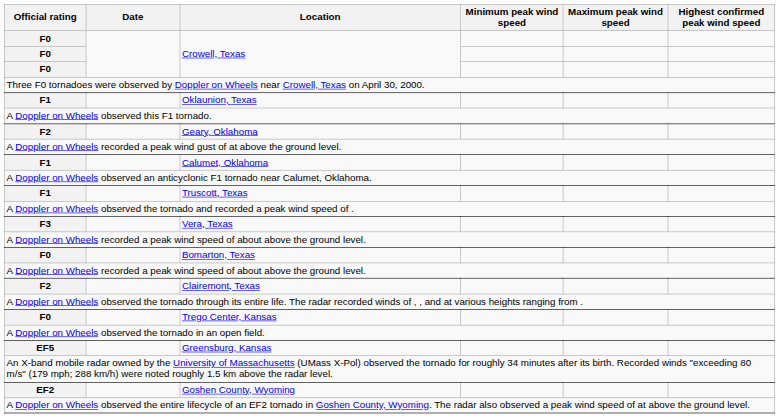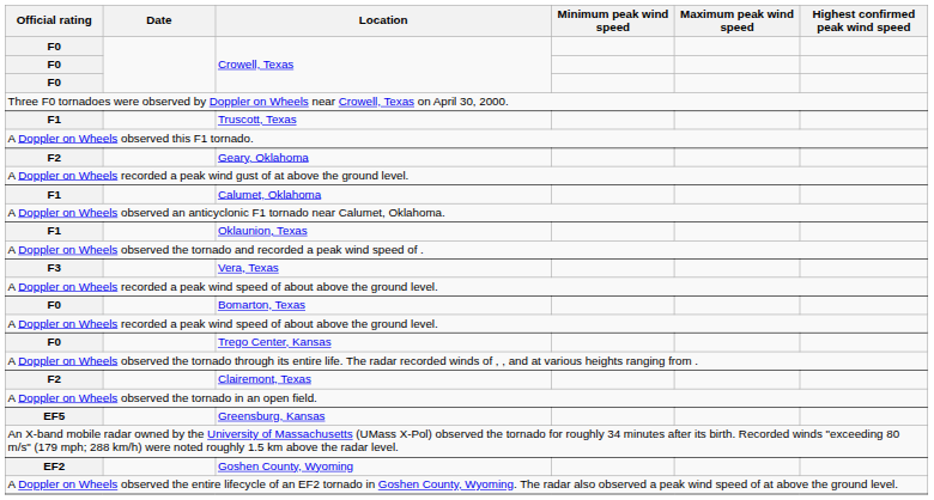 <table class="wikitable sortable" style="width:100%;">
 <tr>
 <th scope="col" style="width:4%;" class="unsortable">Official rating</th>
 <th scope="col" style="width:5%;">Date</th>
 <th scope="col" style="width:15%;" class="unsortable">Location</th>
 <th scope="col" style="width:5%;">Minimum peak wind speed</th>
 <th scope="col" style="width:5%;">Maximum peak wind speed</th>
 <th scope="col" style="width:5%;">Highest confirmed peak wind speed</th>
 </tr>
 <tr>
 <th style="background-color:#">F0</th>
 <td rowspan=3></td>
 <td rowspan=3><a href='#'>Crowell, Texas</a></td>
 <td></td>
 <td></td>
 <td></td>
 </tr>
 <tr>
 <th style="background-color:#">F0</th>
 <td></td>
 <td></td>
 <td></td>
 </tr>
 <tr>
 <th style="background-color:#">F0</th>
 <td></td>
 <td></td>
 <td></td>
 </tr>
 <tr class="expand-child">
 <td colspan="6" style=" border-bottom: 1px solid black;">Three F0 tornadoes were observed by <a href='#'>Doppler on Wheels</a> near <a href='#'>Crowell, Texas</a> on April 30, 2000.</td>
 </tr>
 <tr>
 <th style="background-color:#">F1</th>
 <td></td>
-<td><a href='#'>Oklaunion, Texas</a></td>
+<td><a href='#'>Truscott, Texas</a></td>
 <td></td>
 <td></td>
-<td></td>
+<td><strong></strong></td>
 </tr>
 <tr class="expand-child">
 <td colspan="6" style=" border-bottom: 1px solid black;">A <a href='#'>Doppler on Wheels</a> observed this F1 tornado.</td>
 </tr>
 <tr>
 <th style="background-color:#">F2</th>
 <td></td>
 <td><a href='#'>Geary, Oklahoma</a></td>
 <td></td>
 <td></td>
 <td><strong></strong></td>
 </tr>
 <tr class="expand-child">
 <td colspan="6" style=" border-bottom: 1px solid black;">A <a href='#'>Doppler on Wheels</a> recorded a peak wind gust of  at  above the ground level.</td>
 </tr>
 <tr>
 <th style="background-color:#">F1</th>
 <td></td>
 <td><a href='#'>Calumet, Oklahoma</a></td>
 <td></td>
 <td></td>
 <td></td>
 </tr>
 <tr class="expand-child">
 <td colspan="6" style=" border-bottom: 1px solid black;">A <a href='#'>Doppler on Wheels</a> observed an anticyclonic F1 tornado near Calumet, Oklahoma.</td>
 </tr>
 <tr>
 <th style="background-color:#">F1</th>
 <td></td>
-<td><a href='#'>Truscott, Texas</a></td>
+<td><a href='#'>Oklaunion, Texas</a></td>
 <td></td>
 <td></td>
-<td><strong></strong></td>
+<td></td>
 </tr>
 <tr class="expand-child">
 <td colspan="6" style=" border-bottom: 1px solid black;">A <a href='#'>Doppler on Wheels</a> observed the tornado and recorded a peak wind speed of .</td>
 </tr>
 <tr>
 <th style="background-color:#">F3</th>
 <td></td>
 <td><a href='#'>Vera, Texas</a></td>
 <td></td>
 <td></td>
 <td><strong></strong></td>
 </tr>
 <tr class="expand-child">
 <td colspan="6" style=" border-bottom: 1px solid black;">A <a href='#'>Doppler on Wheels</a> recorded a peak wind speed of  about  above the ground level.</td>
 </tr>
 <tr>
 <th style="background-color:#">F0</th>
 <td></td>
 <td><a href='#'>Bomarton, Texas</a></td>
 <td></td>
 <td></td>
 <td><strong></strong></td>
 </tr>
 <tr class="expand-child">
 <td colspan="6" style=" border-bottom: 1px solid black;">A <a href='#'>Doppler on Wheels</a> recorded a peak wind speed of   about  above the ground level.</td>
 </tr>
 <tr>
+<th style="background-color:#">F0</th>
+<td></td>
+<td><a href='#'>Trego Center, Kansas</a></td>
+<td></td>
+<td></td>
+<td></td>
+</tr>
+<tr class="expand-child">
+<td colspan="6" style=" border-bottom: 1px solid black;">A <a href='#'>Doppler on Wheels</a> observed the tornado through its entire life. The radar recorded winds of , , and  at various heights ranging from .</td>
+</tr>
+<tr>
 <th style="background-color:#">F2</th>
 <td></td>
 <td><a href='#'>Clairemont, Texas</a></td>
 <td></td>
 <td></td>
 <td><strong></strong></td>
-</tr>
-<tr class="expand-child">
-<td colspan="6" style=" border-bottom: 1px solid black;">A <a href='#'>Doppler on Wheels</a> observed the tornado through its entire life. The radar recorded winds of , , and  at various heights ranging from .</td>
-</tr>
-<tr>
-<th style="background-color:#">F0</th>
-<td></td>
-<td><a href='#'>Trego Center, Kansas</a></td>
-<td></td>
-<td></td>
-<td></td>
 </tr>
 <tr class="expand-child">
 <td colspan="6" style=" border-bottom: 1px solid black;">A <a href='#'>Doppler on Wheels</a> observed the tornado in an open field.</td>
 </tr>
 <tr>
 <th style="background-color:#">EF5</th>
 <td></td>
 <td><a href='#'>Greensburg, Kansas</a></td>
 <td></td>
 <td></td>
 <td><strong></strong></td>
 </tr>
 <tr class="expand-child">
 <td colspan="6" style=" border-bottom: 1px solid black;">An X-band mobile radar owned by the <a href='#'>University of Massachusetts</a> (UMass X-Pol) observed the tornado for roughly 34 minutes after its birth. Recorded winds "exceeding 80 m/s" (179 mph; 288 km/h) were noted roughly 1.5 km above the radar level.</td>
 </tr>
 <tr>
 <th style="background-color:#">EF2</th>
 <td></td>
 <td><a href='#'>Goshen County, Wyoming</a></td>
 <td></td>
 <td></td>
 <td><strong></strong></td>
 </tr>
 <tr class="expand-child">
 <td colspan="6" style=" border-bottom: 1px solid black;">A <a href='#'>Doppler on Wheels</a> observed the entire lifecycle of an EF2 tornado in <a href='#'>Goshen County, Wyoming</a>. The radar also observed a peak wind speed of  at  above the ground level.</td>
 </tr>
 </table>
